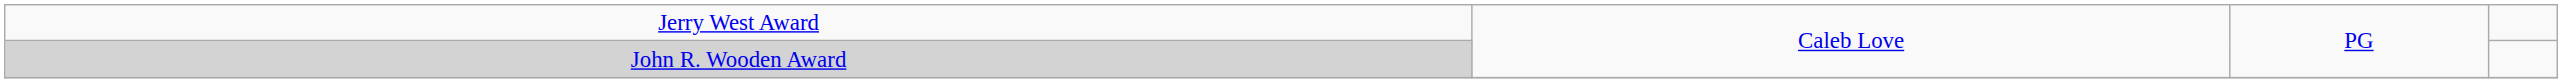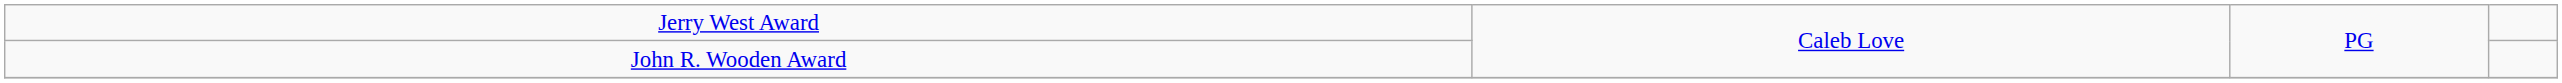 <table class="wikitable" style="width: 90%;text-align: center;">
 <tr align="center">
 <td><a href='#'>Jerry West Award</a></td>
 <td rowspan="2"><a href='#'>Caleb Love</a></td>
 <td rowspan="2"><a href='#'>PG</a></td>
 <td></td>
 </tr>
 <tr align="center">
-<td style="background: lightgrey;"><a href='#'>John R. Wooden Award</a></td>
+<td><a href='#'>John R. Wooden Award</a></td>
 <td></td>
 </tr>
 <tr>
 </tr>
 </table>
